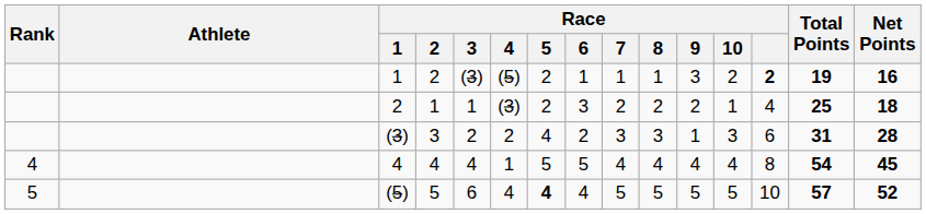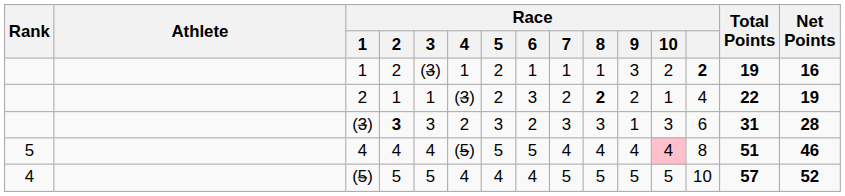 <table | class="wikitable" style="text-align:center">
 <tr>
 <th rowspan="2" width=40>Rank</th>
 <th rowspan="2" width=270>Athlete</th>
 <th colspan="11">Race</th>
 <th rowspan="2" width=50>Total Points</th>
 <th rowspan="2" width=50>Net Points</th>
 </tr>
 <tr>
 <th width=25>1</th>
 <th width=25>2</th>
 <th width=25>3</th>
 <th width=25>4</th>
 <th width=25>5</th>
 <th width=25>6</th>
 <th width=25>7</th>
 <th width=25>8</th>
 <th width=25>9</th>
 <th width=25>10</th>
 <th width=25></th>
 </tr>
 <tr>
 <td></td>
 <td align="left"></td>
 <td>1</td>
 <td>2</td>
 <td>(<s>3</s>)</td>
-<td>(<s>5</s>)</td>
+<td>1</td>
 <td>2</td>
 <td>1</td>
 <td>1</td>
 <td>1</td>
 <td>3</td>
 <td>2</td>
 <td><strong>2</strong></td>
 <td><strong>19</strong></td>
 <td><strong>16</strong></td>
 </tr>
 <tr>
 <td></td>
 <td align="left"></td>
 <td>2</td>
 <td>1</td>
 <td>1</td>
 <td>(<s>3</s>)</td>
 <td>2</td>
 <td>3</td>
 <td>2</td>
-<td>2</td>
+<td><strong>2</strong></td>
 <td>2</td>
 <td>1</td>
 <td>4</td>
-<td><strong>25</strong></td>
-<td><strong>18</strong></td>
+<td><strong>22</strong></td>
+<td><strong>19</strong></td>
 </tr>
 <tr>
 <td></td>
 <td align="left"></td>
 <td>(<s>3</s>)</td>
+<td><strong>3</strong></td>
 <td>3</td>
 <td>2</td>
-<td>2</td>
-<td>4</td>
+<td>3</td>
 <td>2</td>
 <td>3</td>
 <td>3</td>
 <td>1</td>
 <td>3</td>
 <td>6</td>
 <td><strong>31</strong></td>
 <td><strong>28</strong></td>
 </tr>
 <tr>
-<td>4</td>
+<td>5</td>
 <td align="left"></td>
 <td>4</td>
 <td>4</td>
 <td>4</td>
-<td>1</td>
+<td>(<s>5</s>)</td>
 <td>5</td>
 <td>5</td>
 <td>4</td>
 <td>4</td>
 <td>4</td>
-<td>4</td>
+<td style="background: pink;">4</td>
 <td>8</td>
-<td><strong>54</strong></td>
-<td><strong>45</strong></td>
+<td><strong>51</strong></td>
+<td><strong>46</strong></td>
 </tr>
 <tr>
-<td>5</td>
+<td>4</td>
 <td align="left"></td>
 <td>(<s>5</s>)</td>
 <td>5</td>
-<td>6</td>
+<td>5</td>
 <td>4</td>
-<td><strong>4</strong></td>
+<td>4</td>
 <td>4</td>
 <td>5</td>
 <td>5</td>
 <td>5</td>
 <td>5</td>
 <td>10</td>
 <td><strong>57</strong></td>
 <td><strong>52</strong></td>
 </tr>
 </table>
